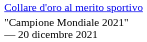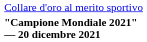 <table>
 <tr>
 <td rowspan=2 style="width:60px; vertical-align:top;"></td>
 <td><a href='#'>Collare d'oro al merito sportivo</a></td>
 </tr>
 <tr>
-<td>"Campione Mondiale 2021"<br>— 20 dicembre 2021</td>
+<td><strong>"Campione Mondiale 2021"<br>— 20 dicembre 2021</strong></td>
 </tr>
 </table>
